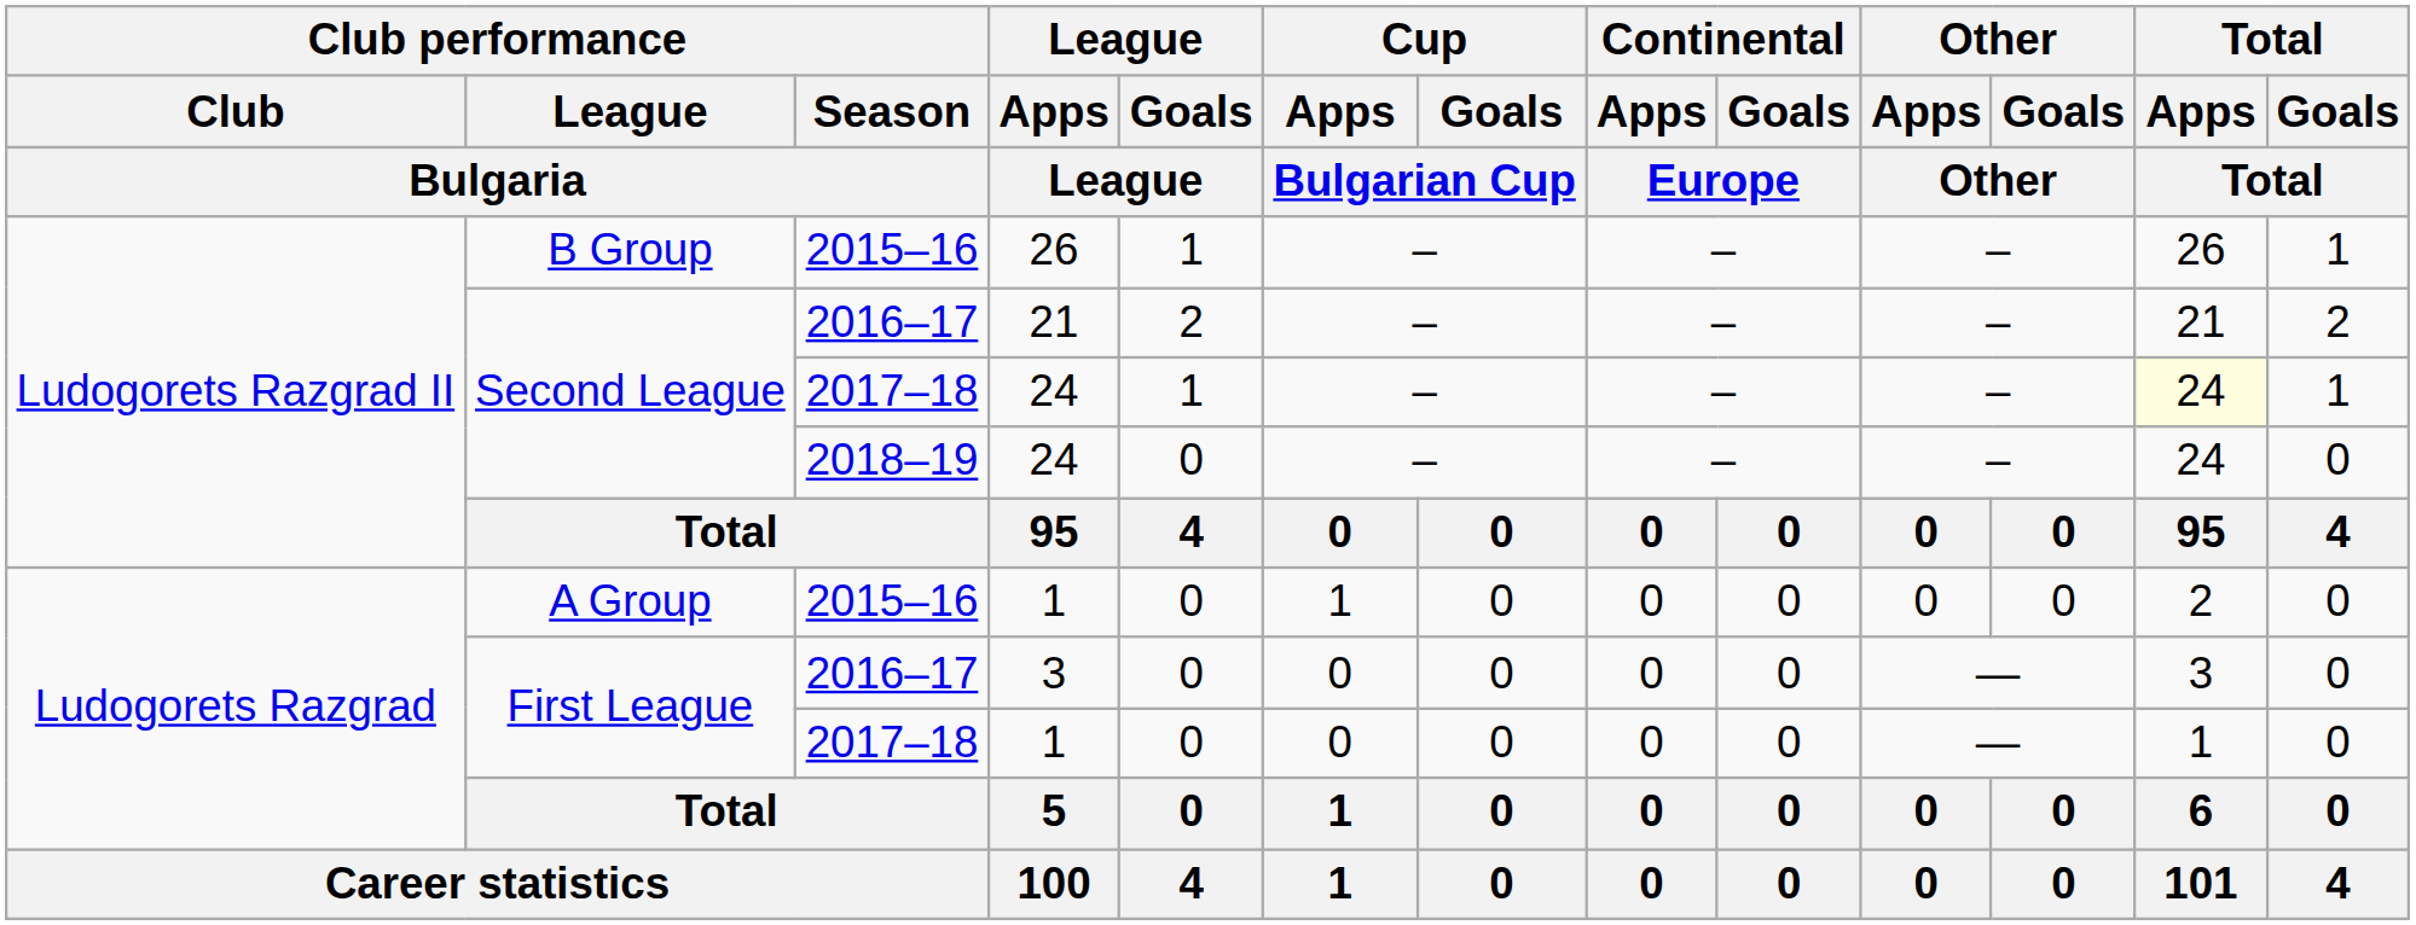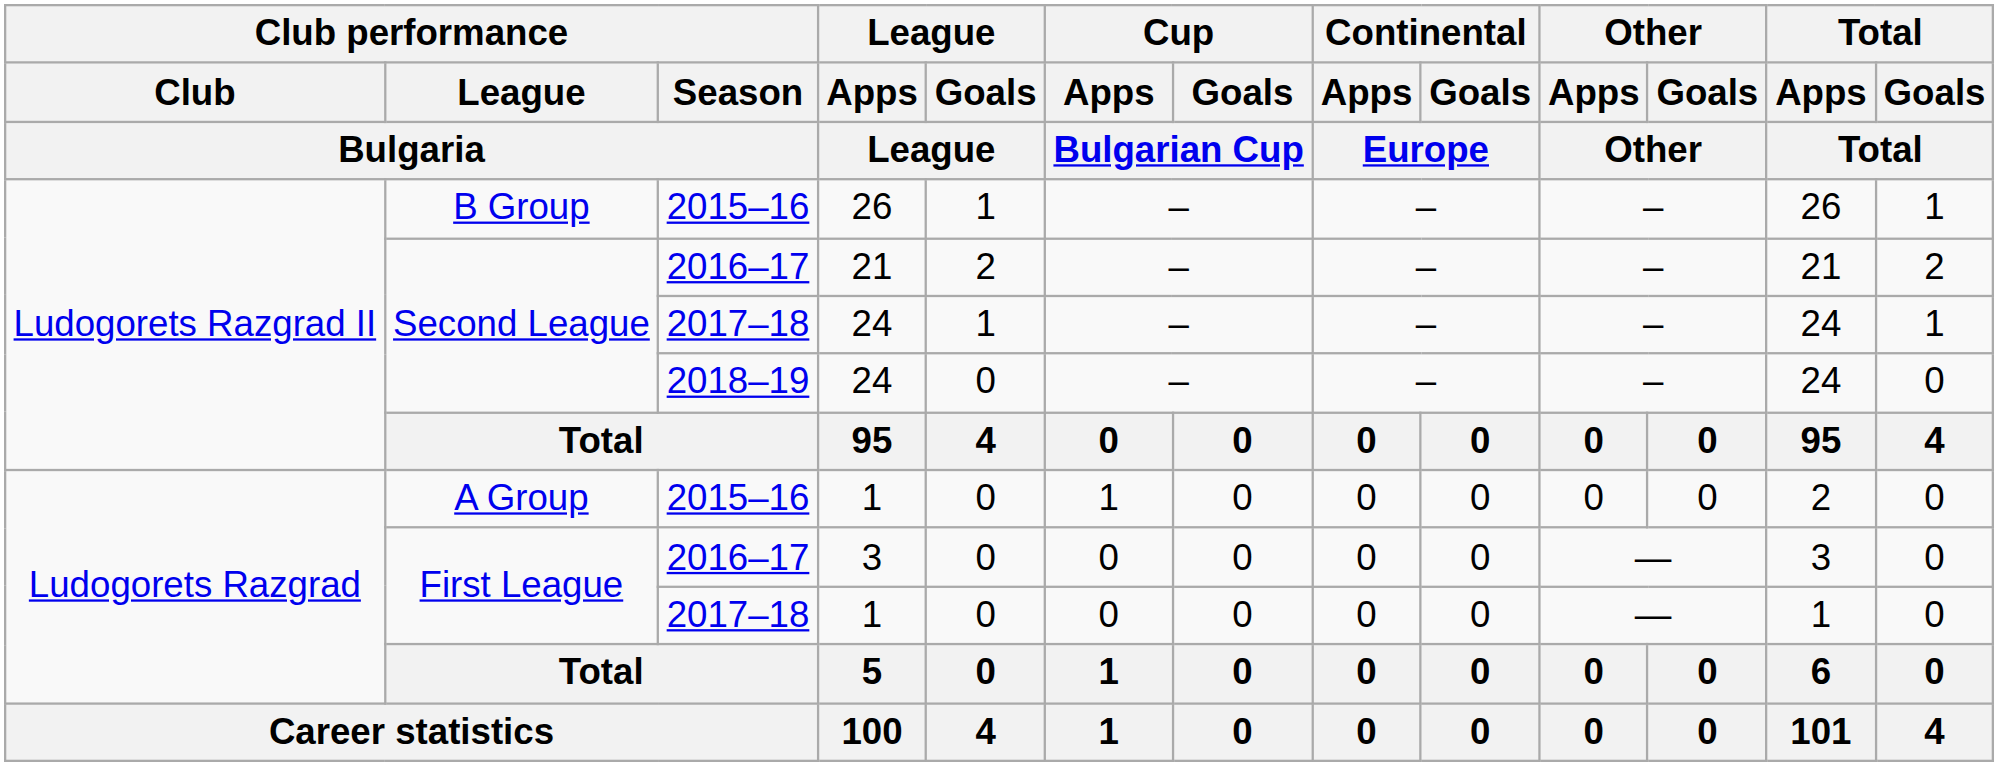 <table class="wikitable" style="text-align: center">
 <tr>
 <th Colspan="3">Club performance</th>
 <th Colspan="2">League</th>
 <th Colspan="2">Cup</th>
 <th Colspan="2">Continental</th>
 <th Colspan="2">Other</th>
 <th Colspan="3">Total</th>
 </tr>
 <tr>
 <th>Club</th>
 <th>League</th>
 <th>Season</th>
 <th>Apps</th>
 <th>Goals</th>
 <th>Apps</th>
 <th>Goals</th>
 <th>Apps</th>
 <th>Goals</th>
 <th>Apps</th>
 <th>Goals</th>
 <th>Apps</th>
 <th>Goals</th>
 </tr>
 <tr>
 <th Colspan="3">Bulgaria</th>
 <th Colspan="2">League</th>
 <th Colspan="2"><a href='#'>Bulgarian Cup</a></th>
 <th Colspan="2"><a href='#'>Europe</a></th>
 <th Colspan="2">Other</th>
 <th Colspan="2">Total</th>
 </tr>
 <tr>
 <td rowspan="5" valign="center"><a href='#'>Ludogorets Razgrad II</a></td>
 <td rowspan="1"><a href='#'>B Group</a></td>
 <td><a href='#'>2015–16</a></td>
 <td>26</td>
 <td>1</td>
 <td colspan="2">–</td>
 <td colspan="2">–</td>
 <td colspan="2">–</td>
 <td>26</td>
 <td>1</td>
 </tr>
 <tr>
 <td rowspan="3"><a href='#'>Second League</a></td>
 <td><a href='#'>2016–17</a></td>
 <td>21</td>
 <td>2</td>
 <td colspan="2">–</td>
 <td colspan="2">–</td>
 <td colspan="2">–</td>
 <td>21</td>
 <td>2</td>
 </tr>
 <tr>
 <td><a href='#'>2017–18</a></td>
 <td>24</td>
 <td>1</td>
 <td colspan="2">–</td>
 <td colspan="2">–</td>
 <td colspan="2">–</td>
-<td style="background: lightyellow;">24</td>
+<td>24</td>
 <td>1</td>
 </tr>
 <tr>
 <td><a href='#'>2018–19</a></td>
 <td>24</td>
 <td>0</td>
 <td colspan="2">–</td>
 <td colspan="2">–</td>
 <td colspan="2">–</td>
 <td>24</td>
 <td>0</td>
 </tr>
 <tr>
 <th colspan=2>Total</th>
 <th>95</th>
 <th>4</th>
 <th>0</th>
 <th>0</th>
 <th>0</th>
 <th>0</th>
 <th>0</th>
 <th>0</th>
 <th>95</th>
 <th>4</th>
 </tr>
 <tr>
 <td rowspan="4" valign="center"><a href='#'>Ludogorets Razgrad</a></td>
 <td rowspan="1"><a href='#'>A Group</a></td>
 <td><a href='#'>2015–16</a></td>
 <td>1</td>
 <td>0</td>
 <td>1</td>
 <td>0</td>
 <td>0</td>
 <td>0</td>
 <td>0</td>
 <td>0</td>
 <td>2</td>
 <td>0</td>
 </tr>
 <tr>
 <td rowspan="2"><a href='#'>First League</a></td>
 <td><a href='#'>2016–17</a></td>
 <td>3</td>
 <td>0</td>
 <td>0</td>
 <td>0</td>
 <td>0</td>
 <td>0</td>
 <td colspan="2">—</td>
 <td>3</td>
 <td>0</td>
 </tr>
 <tr>
 <td><a href='#'>2017–18</a></td>
 <td>1</td>
 <td>0</td>
 <td>0</td>
 <td>0</td>
 <td>0</td>
 <td>0</td>
 <td colspan="2">—</td>
 <td>1</td>
 <td>0</td>
 </tr>
 <tr>
 <th colspan=2>Total</th>
 <th>5</th>
 <th>0</th>
 <th>1</th>
 <th>0</th>
 <th>0</th>
 <th>0</th>
 <th>0</th>
 <th>0</th>
 <th>6</th>
 <th>0</th>
 </tr>
 <tr>
 <th colspan="3">Career statistics</th>
 <th>100</th>
 <th>4</th>
 <th>1</th>
 <th>0</th>
 <th>0</th>
 <th>0</th>
 <th>0</th>
 <th>0</th>
 <th>101</th>
 <th>4</th>
 </tr>
 </table>
